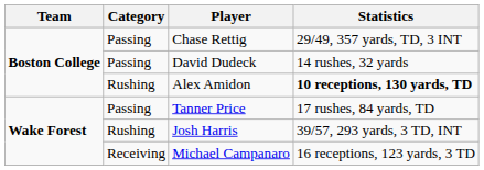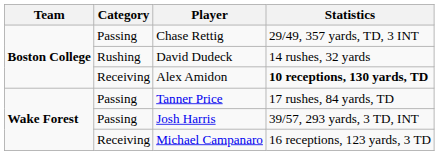 <table class="wikitable" style="float: left;">
 <tr>
 <th>Team</th>
 <th>Category</th>
 <th>Player</th>
 <th>Statistics</th>
 </tr>
 <tr>
 <td rowspan=3><strong>Boston College</strong></td>
 <td>Passing</td>
 <td>Chase Rettig</td>
 <td>29/49, 357 yards, TD, 3 INT</td>
 </tr>
 <tr>
-<td>Passing</td>
+<td>Rushing</td>
 <td>David Dudeck</td>
 <td>14 rushes, 32 yards</td>
 </tr>
 <tr>
-<td>Rushing</td>
+<td>Receiving</td>
 <td>Alex Amidon</td>
 <td><strong>10 receptions, 130 yards, TD</strong></td>
 </tr>
 <tr>
 <td rowspan=3><strong>Wake Forest</strong></td>
 <td>Passing</td>
 <td><a href='#'>Tanner Price</a></td>
 <td>17 rushes, 84 yards, TD</td>
 </tr>
 <tr>
-<td>Rushing</td>
+<td>Passing</td>
 <td><a href='#'>Josh Harris</a></td>
 <td>39/57, 293 yards, 3 TD, INT</td>
 </tr>
 <tr>
 <td>Receiving</td>
 <td><a href='#'>Michael Campanaro</a></td>
 <td>16 receptions, 123 yards, 3 TD</td>
 </tr>
 </table>
